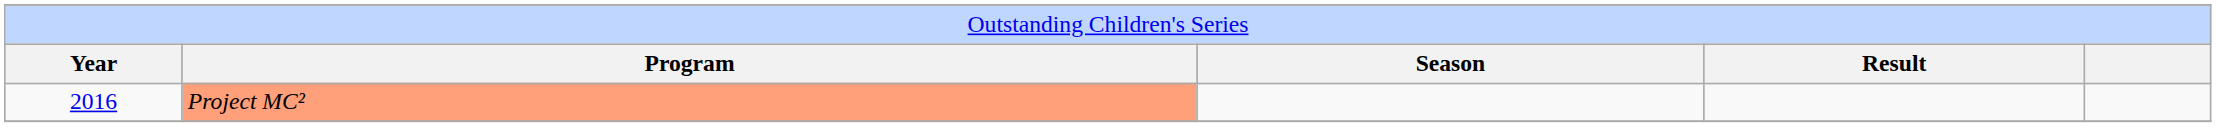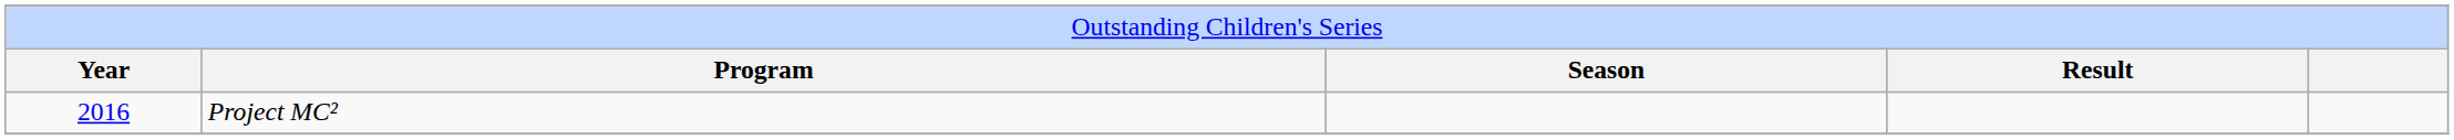 <table class="wikitable plainrowheaders" style="font-size: 90%" width=85%>
 <tr>
 </tr>
 <tr ---- bgcolor="#bfd7ff">
 <td colspan=6 align=center><a href='#'>Outstanding Children's Series</a></td>
 </tr>
 <tr ---- bgcolor="#ebf5ff">
 <th scope="col" style="width:7%;">Year</th>
 <th scope="col" style="width:40%;">Program</th>
 <th scope="col" style="width:20%;">Season</th>
 <th scope="col" style="width:15%;">Result</th>
 <th scope="col" class="unsortable" style="width:5%;"></th>
 </tr>
 <tr>
 <td style="text-align:center;"><a href='#'>2016</a></td>
-<td style="background: lightsalmon;"><em>Project MC² </em></td>
+<td><em>Project MC² </em></td>
 <td></td>
 <td></td>
 <td style="text-align:center;"></td>
 </tr>
 <tr>
 </tr>
 </table>
